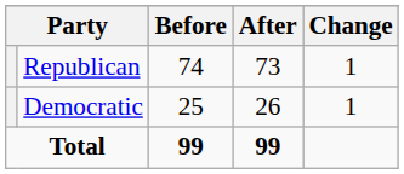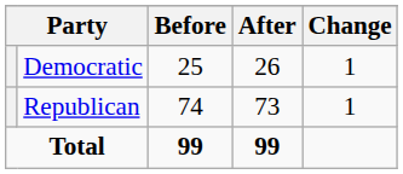 <table class="wikitable" style="text-align:center;">
 <tr>
 </tr>
 <tr>
 <th colspan=2>Party</th>
 <th>Before</th>
 <th>After</th>
 <th>Change</th>
 </tr>
 <tr>
 <th style="background-color:"></th>
-<td style="text-align:left;"><a href='#'>Republican</a></td>
-<td>74</td>
-<td>73</td>
+<td style="text-align:left;"><a href='#'>Democratic</a></td>
+<td>25</td>
+<td>26</td>
 <td> 1</td>
 </tr>
 <tr>
 <th style="background-color:"></th>
-<td style="text-align:left;"><a href='#'>Democratic</a></td>
-<td>25</td>
-<td>26</td>
+<td style="text-align:left;"><a href='#'>Republican</a></td>
+<td>74</td>
+<td>73</td>
 <td> 1</td>
 </tr>
 <tr>
 <td colspan=2><strong>Total</strong></td>
 <td><strong>99</strong></td>
 <td><strong>99</strong></td>
 <td></td>
 </tr>
 </table>
